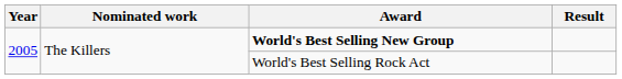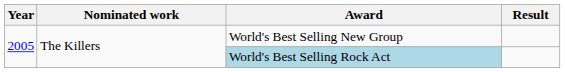 <table class="wikitable">
 <tr>
 <th>Year</th>
 <th width="220">Nominated work</th>
 <th width="325">Award</th>
 <th width="62">Result</th>
 </tr>
 <tr>
 <td rowspan="2"><a href='#'>2005</a></td>
 <td rowspan="2">The Killers</td>
-<td><strong>World's Best Selling New Group</strong></td>
+<td>World's Best Selling New Group</td>
 <td></td>
 </tr>
 <tr>
-<td>World's Best Selling Rock Act</td>
+<td style="background: lightblue;">World's Best Selling Rock Act</td>
 <td></td>
 </tr>
 </table>
